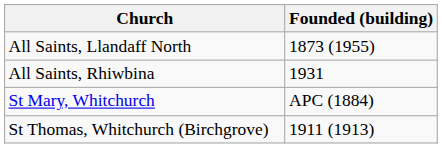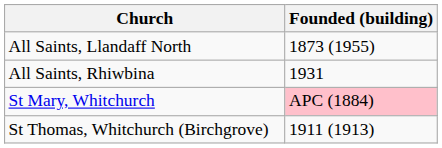 <table class="wikitable">
 <tr>
 <th width="250">Church</th>
 <th>Founded (building)</th>
 </tr>
 <tr>
 <td>All Saints, Llandaff North</td>
 <td>1873 (1955)</td>
 </tr>
 <tr>
 <td>All Saints, Rhiwbina</td>
 <td>1931</td>
 </tr>
 <tr>
 <td><a href='#'>St Mary, Whitchurch</a></td>
-<td>APC (1884)</td>
+<td style="background: pink;">APC (1884)</td>
 </tr>
 <tr>
 <td>St Thomas, Whitchurch (Birchgrove)</td>
 <td>1911 (1913)</td>
 </tr>
 </table>
